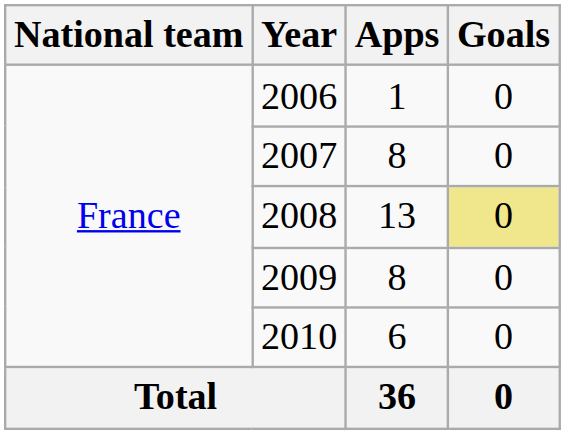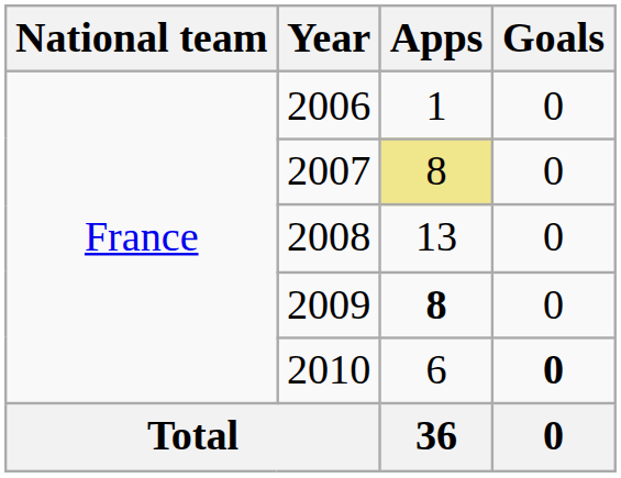 <table class="wikitable" style="text-align:center">
 <tr>
 <th>National team</th>
 <th>Year</th>
 <th>Apps</th>
 <th>Goals</th>
 </tr>
 <tr>
 <td rowspan="5"><a href='#'>France</a></td>
 <td>2006</td>
 <td>1</td>
 <td>0</td>
 </tr>
 <tr>
 <td>2007</td>
-<td>8</td>
+<td style="background: khaki;">8</td>
 <td>0</td>
 </tr>
 <tr>
 <td>2008</td>
 <td>13</td>
-<td style="background: khaki;">0</td>
+<td>0</td>
 </tr>
 <tr>
 <td>2009</td>
-<td>8</td>
+<td><strong>8</strong></td>
 <td>0</td>
 </tr>
 <tr>
 <td>2010</td>
 <td>6</td>
-<td>0</td>
+<td><strong>0</strong></td>
 </tr>
 <tr>
 <th colspan=2>Total</th>
 <th>36</th>
 <th>0</th>
 </tr>
 </table>
